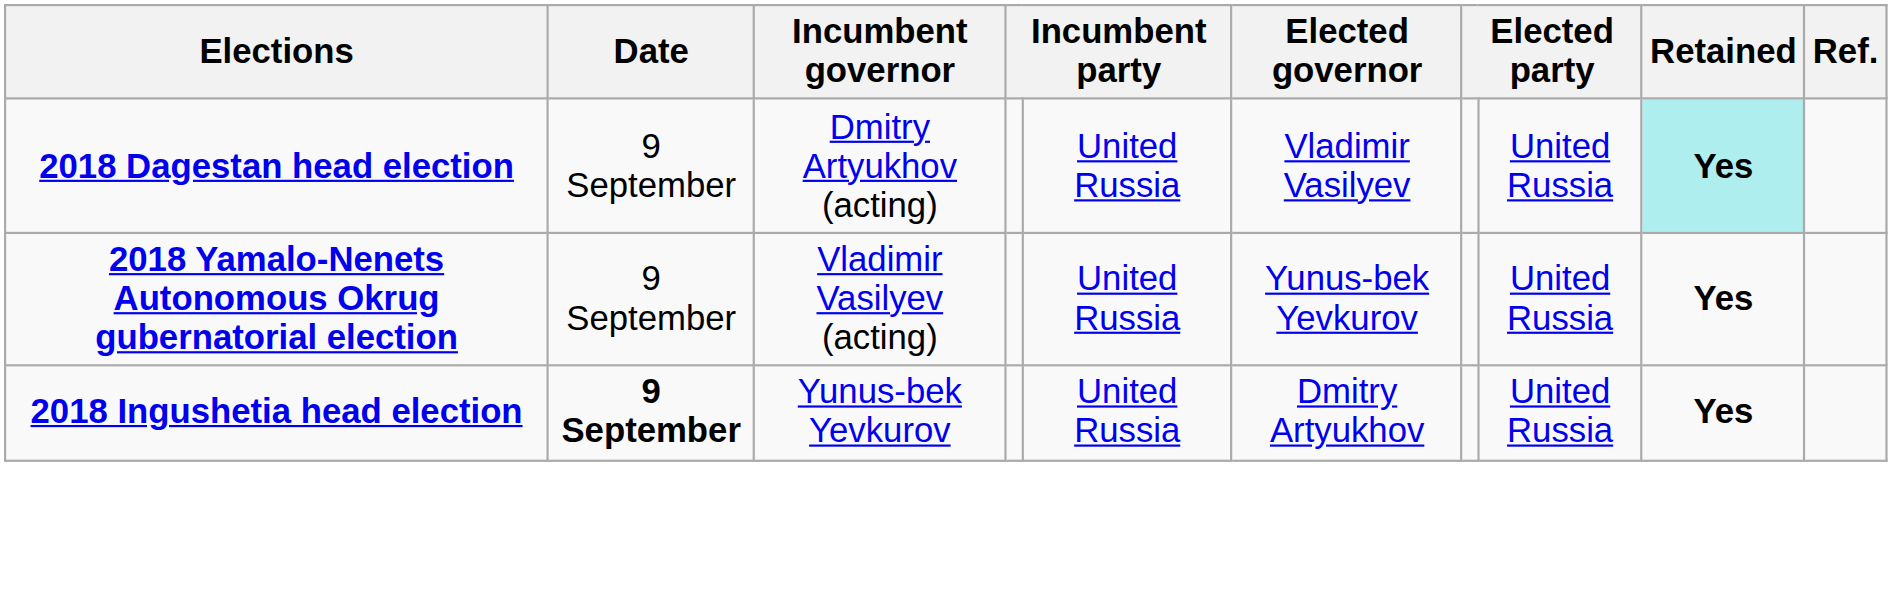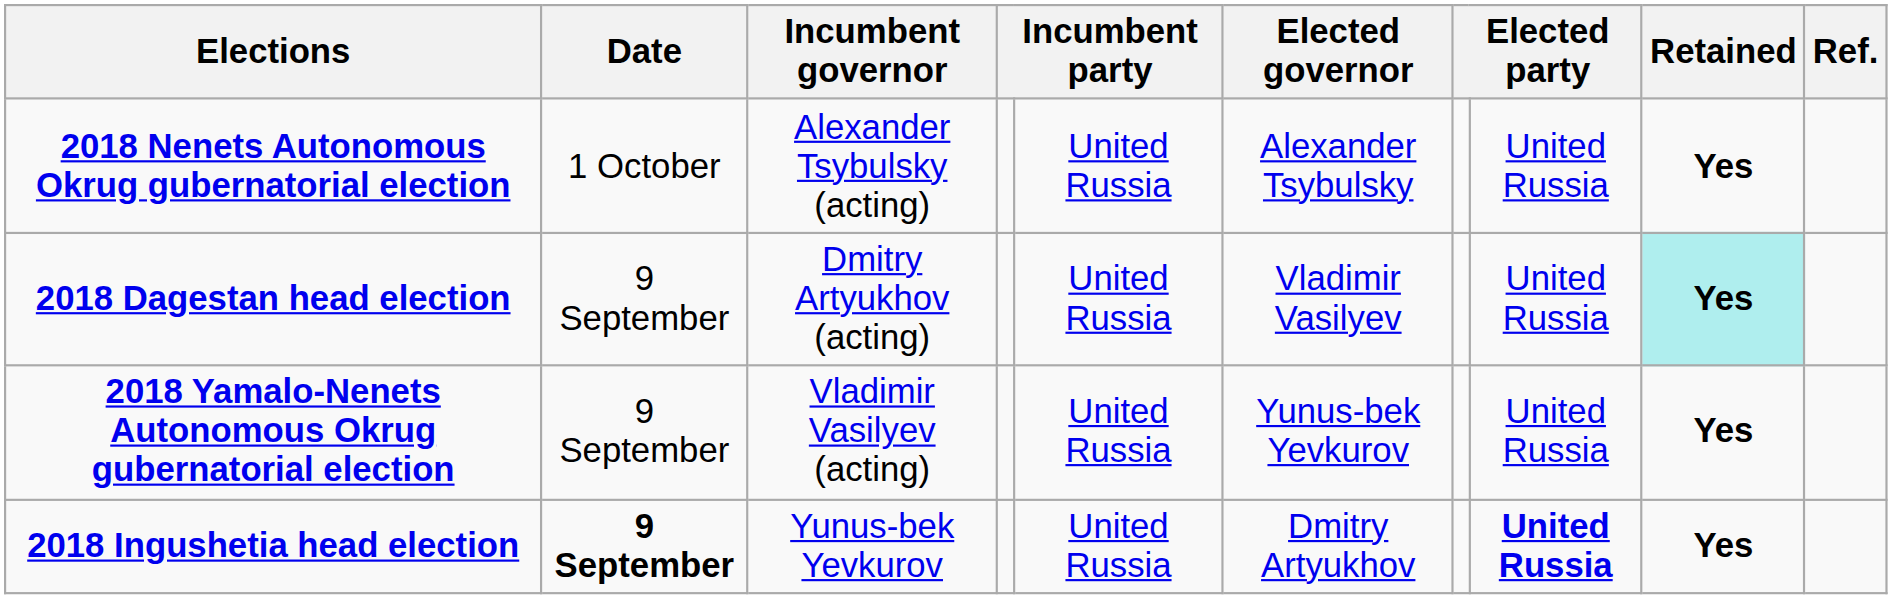 <table class="wikitable" style="text-align:center;">
 <tr>
 <th>Elections</th>
 <th>Date</th>
 <th>Incumbent governor</th>
 <th colspan=2>Incumbent party</th>
 <th>Elected governor</th>
 <th colspan=2>Elected party</th>
 <th>Retained</th>
 <th>Ref.</th>
+</tr>
+<tr>
+<td><strong><a href='#'>2018 Nenets Autonomous Okrug gubernatorial election</a></strong></td>
+<td>1 October</td>
+<td><a href='#'>Alexander Tsybulsky</a><br>(acting)</td>
+<td style="background-color:"></td>
+<td><a href='#'>United Russia</a></td>
+<td><a href='#'>Alexander Tsybulsky</a></td>
+<td style="background-color:"></td>
+<td><a href='#'>United Russia</a></td>
+<td><strong>Yes</strong></td>
+<td></td>
 </tr>
 <tr>
 <td><strong><a href='#'>2018 Dagestan head election</a></strong></td>
 <td>9 September</td>
 <td><a href='#'>Dmitry Artyukhov</a><br>(acting)</td>
 <td style="background-color:"></td>
 <td><a href='#'>United Russia</a></td>
 <td><a href='#'>Vladimir Vasilyev</a></td>
 <td style="background-color:"></td>
 <td><a href='#'>United Russia</a></td>
 <td style="background: paleturquoise;"><strong>Yes</strong></td>
 <td></td>
 </tr>
 <tr>
 <td><strong><a href='#'>2018 Yamalo-Nenets Autonomous Okrug gubernatorial election</a></strong></td>
 <td>9 September</td>
 <td><a href='#'>Vladimir Vasilyev</a><br>(acting)</td>
 <td style="background-color:"></td>
 <td><a href='#'>United Russia</a></td>
 <td><a href='#'>Yunus-bek Yevkurov</a></td>
 <td style="background-color:"></td>
 <td><a href='#'>United Russia</a></td>
 <td><strong>Yes</strong></td>
 <td></td>
 </tr>
 <tr>
 <td><strong><a href='#'>2018 Ingushetia head election</a></strong></td>
 <td><strong>9 September</strong></td>
 <td><a href='#'>Yunus-bek Yevkurov</a></td>
 <td style="background-color:"></td>
 <td><a href='#'>United Russia</a></td>
 <td><a href='#'>Dmitry Artyukhov</a></td>
 <td style="background-color:"></td>
-<td><a href='#'>United Russia</a></td>
+<td><strong><a href='#'>United Russia</a></strong></td>
 <td><strong>Yes</strong></td>
 <td></td>
 </tr>
 </table>
